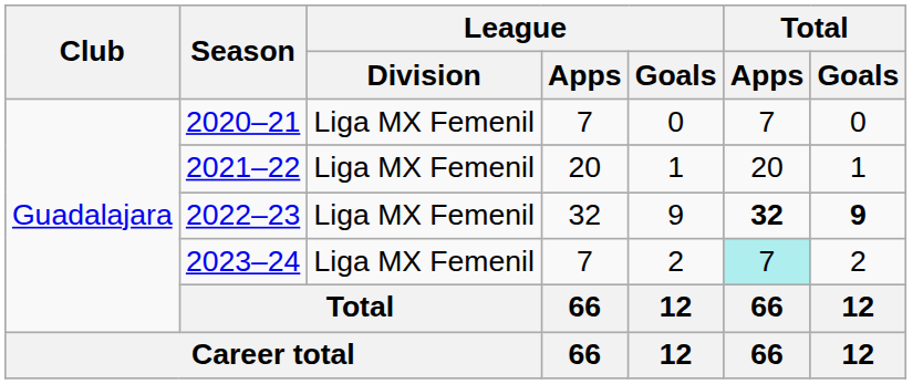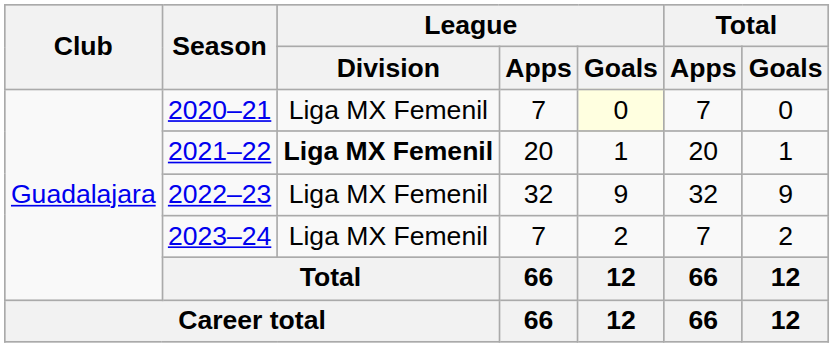 <table class=wikitable style="text-align: center;">
 <tr>
 <th rowspan=2>Club</th>
 <th rowspan=2>Season</th>
 <th colspan=3>League</th>
 <th colspan=2>Total</th>
 </tr>
 <tr>
 <th>Division</th>
 <th>Apps</th>
 <th>Goals</th>
 <th>Apps</th>
 <th>Goals</th>
 </tr>
 <tr>
 <td rowspan="5"><a href='#'>Guadalajara</a></td>
 <td><a href='#'>2020–21</a></td>
 <td>Liga MX Femenil</td>
 <td>7</td>
-<td>0</td>
+<td style="background: lightyellow;">0</td>
 <td>7</td>
 <td>0</td>
 </tr>
 <tr>
 <td><a href='#'>2021–22</a></td>
-<td>Liga MX Femenil</td>
+<td><strong>Liga MX Femenil</strong></td>
 <td>20</td>
 <td>1</td>
 <td>20</td>
 <td>1</td>
 </tr>
 <tr>
 <td><a href='#'>2022–23</a></td>
 <td>Liga MX Femenil</td>
 <td>32</td>
 <td>9</td>
-<td><strong>32</strong></td>
-<td><strong>9</strong></td>
+<td>32</td>
+<td>9</td>
 </tr>
 <tr>
 <td><a href='#'>2023–24</a></td>
 <td>Liga MX Femenil</td>
 <td>7</td>
 <td>2</td>
-<td style="background: paleturquoise;">7</td>
+<td>7</td>
 <td>2</td>
 </tr>
 <tr>
 <th colspan="2">Total</th>
 <th>66</th>
 <th>12</th>
 <th>66</th>
 <th>12</th>
 </tr>
 <tr>
 <th colspan="3">Career total</th>
 <th>66</th>
 <th>12</th>
 <th>66</th>
 <th>12</th>
 </tr>
 </table>
